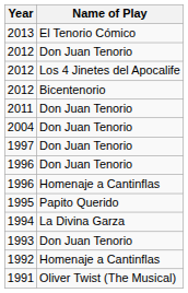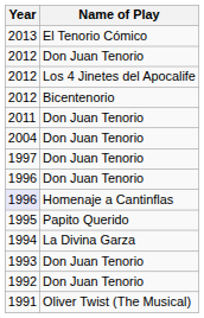 <table class="wikitable">
 <tr>
 <th>Year</th>
 <th>Name of Play</th>
 </tr>
 <tr>
 <td>2013</td>
 <td>El Tenorio Cómico</td>
 </tr>
 <tr>
 <td>2012</td>
 <td>Don Juan Tenorio</td>
 </tr>
 <tr>
 <td>2012</td>
 <td>Los 4 Jinetes del Apocalife</td>
 </tr>
 <tr>
 <td>2012</td>
 <td>Bicentenorio</td>
 </tr>
 <tr>
 <td>2011</td>
 <td>Don Juan Tenorio</td>
 </tr>
 <tr>
 <td>2004</td>
 <td>Don Juan Tenorio</td>
 </tr>
 <tr>
 <td>1997</td>
 <td>Don Juan Tenorio</td>
 </tr>
 <tr>
 <td>1996</td>
 <td>Don Juan Tenorio</td>
 </tr>
 <tr>
-<td>1996</td>
+<td style="background: lavender;">1996</td>
 <td>Homenaje a Cantinflas</td>
 </tr>
 <tr>
 <td>1995</td>
 <td>Papito Querido</td>
 </tr>
 <tr>
 <td>1994</td>
 <td>La Divina Garza</td>
 </tr>
 <tr>
 <td>1993</td>
 <td>Don Juan Tenorio</td>
 </tr>
 <tr>
 <td>1992</td>
-<td>Homenaje a Cantinflas</td>
+<td>Don Juan Tenorio</td>
 </tr>
 <tr>
 <td>1991</td>
 <td>Oliver Twist (The Musical)</td>
 </tr>
 </table>
